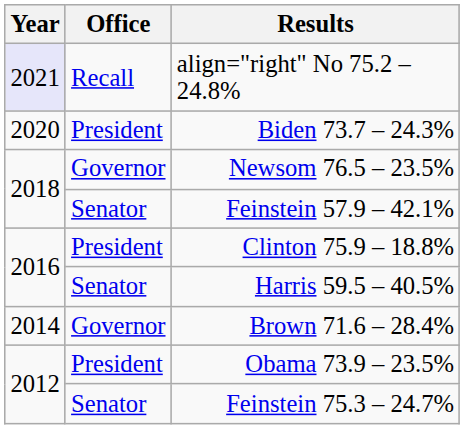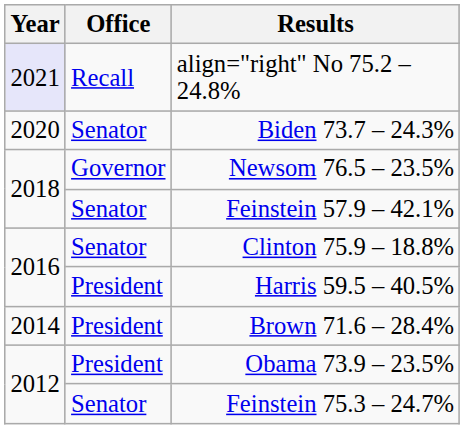 <table class=wikitable>
 <tr>
 <th width="30">Year</th>
 <th width="60">Office</th>
 <th width="180">Results</th>
 </tr>
 <tr>
 <td style="background: lavender;">2021</td>
 <td><a href='#'>Recall</a></td>
 <td>align="right"  No 75.2 – 24.8%</td>
 </tr>
 <tr>
 <td rowspan="1">2020</td>
-<td><a href='#'>President</a></td>
+<td><a href='#'>Senator</a></td>
 <td align="right" ><a href='#'>Biden</a> 73.7 – 24.3%</td>
 </tr>
 <tr>
 <td rowspan="2">2018</td>
 <td><a href='#'>Governor</a></td>
 <td align="right" ><a href='#'>Newsom</a> 76.5 – 23.5%</td>
 </tr>
 <tr>
 <td><a href='#'>Senator</a></td>
 <td align="right" ><a href='#'>Feinstein</a> 57.9 – 42.1%</td>
 </tr>
 <tr>
 <td rowspan="2">2016</td>
-<td><a href='#'>President</a></td>
+<td><a href='#'>Senator</a></td>
 <td align="right" ><a href='#'>Clinton</a> 75.9 – 18.8%</td>
 </tr>
 <tr>
-<td><a href='#'>Senator</a></td>
+<td><a href='#'>President</a></td>
 <td align="right" ><a href='#'>Harris</a> 59.5 – 40.5%</td>
 </tr>
 <tr>
 <td>2014</td>
-<td><a href='#'>Governor</a></td>
+<td><a href='#'>President</a></td>
 <td align="right" ><a href='#'>Brown</a> 71.6 – 28.4%</td>
 </tr>
 <tr>
 <td rowspan="2">2012</td>
 <td><a href='#'>President</a></td>
 <td align="right" ><a href='#'>Obama</a> 73.9 – 23.5%</td>
 </tr>
 <tr>
 <td><a href='#'>Senator</a></td>
 <td align="right" ><a href='#'>Feinstein</a> 75.3 – 24.7%</td>
 </tr>
 </table>
